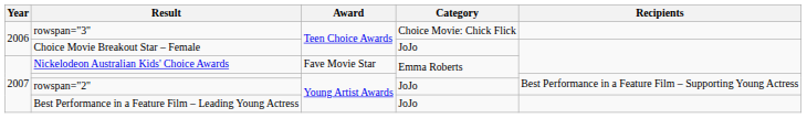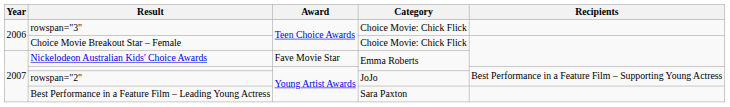 <table class="wikitable sortable">
 <tr>
 <th>Year</th>
 <th>Result</th>
 <th>Award</th>
 <th>Category</th>
 <th>Recipients</th>
 </tr>
 <tr>
 <td rowspan="2" style="text-align:center;">2006</td>
 <td>rowspan="3" </td>
 <td rowspan="2"><a href='#'>Teen Choice Awards</a></td>
 <td>Choice Movie: Chick Flick</td>
 <td></td>
 </tr>
 <tr>
 <td>Choice Movie Breakout Star – Female</td>
-<td>JoJo</td>
+<td>Choice Movie: Chick Flick</td>
 </tr>
 <tr>
 <td rowspan="4" style="text-align:center;">2007</td>
 <td><a href='#'>Nickelodeon Australian Kids' Choice Awards</a></td>
 <td>Fave Movie Star</td>
 <td rowspan="2">Emma Roberts</td>
 </tr>
 <tr>
 <td></td>
 <td rowspan="3"><a href='#'>Young Artist Awards</a></td>
 <td rowspan="2">Best Performance in a Feature Film – Supporting Young Actress</td>
 </tr>
 <tr>
 <td>rowspan="2" </td>
 <td>JoJo</td>
 </tr>
 <tr>
 <td>Best Performance in a Feature Film – Leading Young Actress</td>
-<td>JoJo</td>
+<td>Sara Paxton</td>
 </tr>
 </table>
